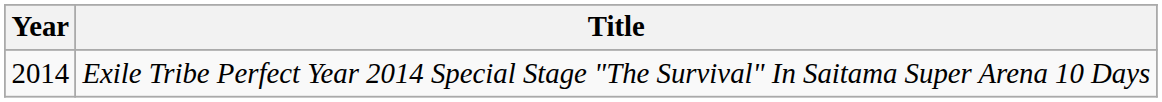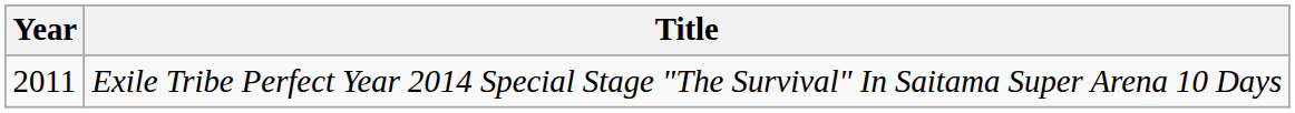 <table class="wikitable">
 <tr>
 <th>Year</th>
 <th>Title</th>
 </tr>
 <tr>
-<td>2014</td>
+<td>2011</td>
 <td><em>Exile Tribe Perfect Year 2014 Special Stage "The Survival" In Saitama Super Arena 10 Days</em></td>
 </tr>
 </table>
